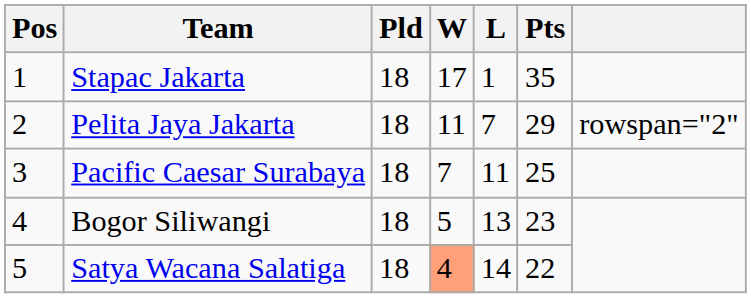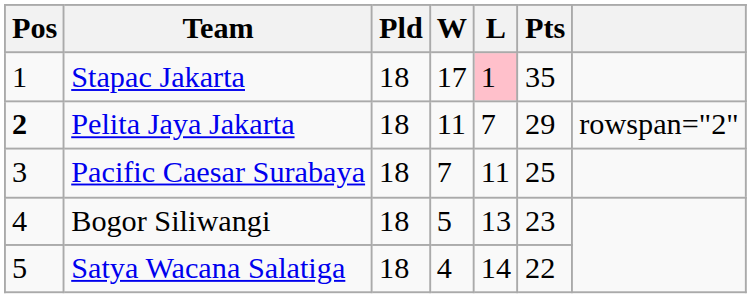 <table class="wikitable">
 <tr>
 <th>Pos</th>
 <th>Team</th>
 <th>Pld</th>
 <th>W</th>
 <th>L</th>
 <th>Pts</th>
 <th></th>
 </tr>
 <tr>
 <td>1</td>
 <td><a href='#'>Stapac Jakarta</a></td>
 <td>18</td>
 <td>17</td>
-<td>1</td>
+<td style="background: pink;">1</td>
 <td>35</td>
 <td></td>
 </tr>
 <tr>
-<td>2</td>
+<td><strong>2</strong></td>
 <td><a href='#'>Pelita Jaya Jakarta</a></td>
 <td>18</td>
 <td>11</td>
 <td>7</td>
 <td>29</td>
 <td>rowspan="2" </td>
 </tr>
 <tr>
 <td>3</td>
 <td><a href='#'>Pacific Caesar Surabaya</a></td>
 <td>18</td>
 <td>7</td>
 <td>11</td>
 <td>25</td>
 </tr>
 <tr>
 <td>4</td>
 <td>Bogor Siliwangi</td>
 <td>18</td>
 <td>5</td>
 <td>13</td>
 <td>23</td>
 <td rowspan="2"></td>
 </tr>
 <tr>
 <td>5</td>
 <td><a href='#'>Satya Wacana Salatiga</a></td>
 <td>18</td>
-<td style="background: lightsalmon;">4</td>
+<td>4</td>
 <td>14</td>
 <td>22</td>
 </tr>
 </table>
